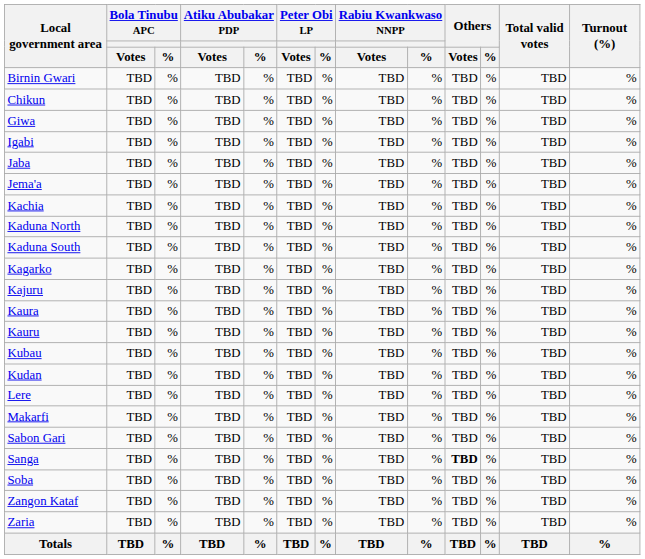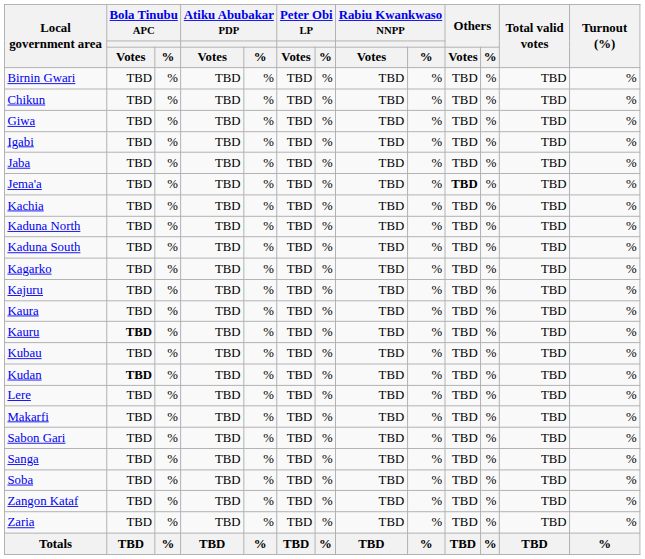 <table class="wikitable sortable" style="text-align:right; font-size:90%">
 <tr>
 <th rowspan="3" style="max-width:7.5em;">Local government area</th>
 <th colspan="2"><a href='#'>Bola Tinubu</a><br><small>APC</small></th>
 <th colspan="2"><a href='#'>Atiku Abubakar</a><br><small>PDP</small></th>
 <th colspan="2"><a href='#'>Peter Obi</a><br><small>LP</small></th>
 <th colspan="2"><a href='#'>Rabiu Kwankwaso</a><br><small>NNPP</small></th>
 <th colspan="2" rowspan="2">Others</th>
 <th rowspan="3" style="max-width:5em;">Total valid votes</th>
 <th rowspan="3" style="max-width:5em;">Turnout (%)</th>
 </tr>
 <tr>
 <th colspan=2 style="background-color:"></th>
 <th colspan=2 style="background-color:"></th>
 <th colspan=2 style="background-color:"></th>
 <th colspan=2 style="background-color:"></th>
 </tr>
 <tr>
 <th>Votes</th>
 <th>%</th>
 <th>Votes</th>
 <th>%</th>
 <th>Votes</th>
 <th>%</th>
 <th>Votes</th>
 <th>%</th>
 <th>Votes</th>
 <th>%</th>
 </tr>
 <tr style="background-color:#">
 <td style="text-align:left;"><a href='#'>Birnin Gwari</a></td>
 <td>TBD</td>
 <td>%</td>
 <td>TBD</td>
 <td>%</td>
 <td>TBD</td>
 <td>%</td>
 <td>TBD</td>
 <td>%</td>
 <td>TBD</td>
 <td>%</td>
 <td>TBD</td>
 <td>%</td>
 </tr>
 <tr style="background-color:#">
 <td style="text-align:left;"><a href='#'>Chikun</a></td>
 <td>TBD</td>
 <td>%</td>
 <td>TBD</td>
 <td>%</td>
 <td>TBD</td>
 <td>%</td>
 <td>TBD</td>
 <td>%</td>
 <td>TBD</td>
 <td>%</td>
 <td>TBD</td>
 <td>%</td>
 </tr>
 <tr style="background-color:#">
 <td style="text-align:left;"><a href='#'>Giwa</a></td>
 <td>TBD</td>
 <td>%</td>
 <td>TBD</td>
 <td>%</td>
 <td>TBD</td>
 <td>%</td>
 <td>TBD</td>
 <td>%</td>
 <td>TBD</td>
 <td>%</td>
 <td>TBD</td>
 <td>%</td>
 </tr>
 <tr style="background-color:#">
 <td style="text-align:left;"><a href='#'>Igabi</a></td>
 <td>TBD</td>
 <td>%</td>
 <td>TBD</td>
 <td>%</td>
 <td>TBD</td>
 <td>%</td>
 <td>TBD</td>
 <td>%</td>
 <td>TBD</td>
 <td>%</td>
 <td>TBD</td>
 <td>%</td>
 </tr>
 <tr style="background-color:#">
 <td style="text-align:left;"><a href='#'>Jaba</a></td>
 <td>TBD</td>
 <td>%</td>
 <td>TBD</td>
 <td>%</td>
 <td>TBD</td>
 <td>%</td>
 <td>TBD</td>
 <td>%</td>
 <td>TBD</td>
 <td>%</td>
 <td>TBD</td>
 <td>%</td>
 </tr>
 <tr style="background-color:#">
 <td style="text-align:left;"><a href='#'>Jema'a</a></td>
 <td>TBD</td>
 <td>%</td>
 <td>TBD</td>
 <td>%</td>
 <td>TBD</td>
 <td>%</td>
 <td>TBD</td>
 <td>%</td>
-<td>TBD</td>
+<td><strong>TBD</strong></td>
 <td>%</td>
 <td>TBD</td>
 <td>%</td>
 </tr>
 <tr style="background-color:#">
 <td style="text-align:left;"><a href='#'>Kachia</a></td>
 <td>TBD</td>
 <td>%</td>
 <td>TBD</td>
 <td>%</td>
 <td>TBD</td>
 <td>%</td>
 <td>TBD</td>
 <td>%</td>
 <td>TBD</td>
 <td>%</td>
 <td>TBD</td>
 <td>%</td>
 </tr>
 <tr style="background-color:#">
 <td style="text-align:left;"><a href='#'>Kaduna North</a></td>
 <td>TBD</td>
 <td>%</td>
 <td>TBD</td>
 <td>%</td>
 <td>TBD</td>
 <td>%</td>
 <td>TBD</td>
 <td>%</td>
 <td>TBD</td>
 <td>%</td>
 <td>TBD</td>
 <td>%</td>
 </tr>
 <tr style="background-color:#">
 <td style="text-align:left;"><a href='#'>Kaduna South</a></td>
 <td>TBD</td>
 <td>%</td>
 <td>TBD</td>
 <td>%</td>
 <td>TBD</td>
 <td>%</td>
 <td>TBD</td>
 <td>%</td>
 <td>TBD</td>
 <td>%</td>
 <td>TBD</td>
 <td>%</td>
 </tr>
 <tr style="background-color:#">
 <td style="text-align:left;"><a href='#'>Kagarko</a></td>
 <td>TBD</td>
 <td>%</td>
 <td>TBD</td>
 <td>%</td>
 <td>TBD</td>
 <td>%</td>
 <td>TBD</td>
 <td>%</td>
 <td>TBD</td>
 <td>%</td>
 <td>TBD</td>
 <td>%</td>
 </tr>
 <tr style="background-color:#">
 <td style="text-align:left;"><a href='#'>Kajuru</a></td>
 <td>TBD</td>
 <td>%</td>
 <td>TBD</td>
 <td>%</td>
 <td>TBD</td>
 <td>%</td>
 <td>TBD</td>
 <td>%</td>
 <td>TBD</td>
 <td>%</td>
 <td>TBD</td>
 <td>%</td>
 </tr>
 <tr style="background-color:#">
 <td style="text-align:left;"><a href='#'>Kaura</a></td>
 <td>TBD</td>
 <td>%</td>
 <td>TBD</td>
 <td>%</td>
 <td>TBD</td>
 <td>%</td>
 <td>TBD</td>
 <td>%</td>
 <td>TBD</td>
 <td>%</td>
 <td>TBD</td>
 <td>%</td>
 </tr>
 <tr style="background-color:#">
 <td style="text-align:left;"><a href='#'>Kauru</a></td>
-<td>TBD</td>
+<td><strong>TBD</strong></td>
 <td>%</td>
 <td>TBD</td>
 <td>%</td>
 <td>TBD</td>
 <td>%</td>
 <td>TBD</td>
 <td>%</td>
 <td>TBD</td>
 <td>%</td>
 <td>TBD</td>
 <td>%</td>
 </tr>
 <tr style="background-color:#">
 <td style="text-align:left;"><a href='#'>Kubau</a></td>
 <td>TBD</td>
 <td>%</td>
 <td>TBD</td>
 <td>%</td>
 <td>TBD</td>
 <td>%</td>
 <td>TBD</td>
 <td>%</td>
 <td>TBD</td>
 <td>%</td>
 <td>TBD</td>
 <td>%</td>
 </tr>
 <tr style="background-color:#">
 <td style="text-align:left;"><a href='#'>Kudan</a></td>
-<td>TBD</td>
+<td><strong>TBD</strong></td>
 <td>%</td>
 <td>TBD</td>
 <td>%</td>
 <td>TBD</td>
 <td>%</td>
 <td>TBD</td>
 <td>%</td>
 <td>TBD</td>
 <td>%</td>
 <td>TBD</td>
 <td>%</td>
 </tr>
 <tr style="background-color:#">
 <td style="text-align:left;"><a href='#'>Lere</a></td>
 <td>TBD</td>
 <td>%</td>
 <td>TBD</td>
 <td>%</td>
 <td>TBD</td>
 <td>%</td>
 <td>TBD</td>
 <td>%</td>
 <td>TBD</td>
 <td>%</td>
 <td>TBD</td>
 <td>%</td>
 </tr>
 <tr style="background-color:#">
 <td style="text-align:left;"><a href='#'>Makarfi</a></td>
 <td>TBD</td>
 <td>%</td>
 <td>TBD</td>
 <td>%</td>
 <td>TBD</td>
 <td>%</td>
 <td>TBD</td>
 <td>%</td>
 <td>TBD</td>
 <td>%</td>
 <td>TBD</td>
 <td>%</td>
 </tr>
 <tr style="background-color:#">
 <td style="text-align:left;"><a href='#'>Sabon Gari</a></td>
 <td>TBD</td>
 <td>%</td>
 <td>TBD</td>
 <td>%</td>
 <td>TBD</td>
 <td>%</td>
 <td>TBD</td>
 <td>%</td>
 <td>TBD</td>
 <td>%</td>
 <td>TBD</td>
 <td>%</td>
 </tr>
 <tr style="background-color:#">
 <td style="text-align:left;"><a href='#'>Sanga</a></td>
 <td>TBD</td>
 <td>%</td>
 <td>TBD</td>
 <td>%</td>
 <td>TBD</td>
 <td>%</td>
 <td>TBD</td>
 <td>%</td>
-<td><strong>TBD</strong></td>
+<td>TBD</td>
 <td>%</td>
 <td>TBD</td>
 <td>%</td>
 </tr>
 <tr style="background-color:#">
 <td style="text-align:left;"><a href='#'>Soba</a></td>
 <td>TBD</td>
 <td>%</td>
 <td>TBD</td>
 <td>%</td>
 <td>TBD</td>
 <td>%</td>
 <td>TBD</td>
 <td>%</td>
 <td>TBD</td>
 <td>%</td>
 <td>TBD</td>
 <td>%</td>
 </tr>
 <tr style="background-color:#">
 <td style="text-align:left;"><a href='#'>Zangon Kataf</a></td>
 <td>TBD</td>
 <td>%</td>
 <td>TBD</td>
 <td>%</td>
 <td>TBD</td>
 <td>%</td>
 <td>TBD</td>
 <td>%</td>
 <td>TBD</td>
 <td>%</td>
 <td>TBD</td>
 <td>%</td>
 </tr>
 <tr style="background-color:#">
 <td style="text-align:left;"><a href='#'>Zaria</a></td>
 <td>TBD</td>
 <td>%</td>
 <td>TBD</td>
 <td>%</td>
 <td>TBD</td>
 <td>%</td>
 <td>TBD</td>
 <td>%</td>
 <td>TBD</td>
 <td>%</td>
 <td>TBD</td>
 <td>%</td>
 </tr>
 <tr>
 <th>Totals</th>
 <th>TBD</th>
 <th>%</th>
 <th>TBD</th>
 <th>%</th>
 <th>TBD</th>
 <th>%</th>
 <th>TBD</th>
 <th>%</th>
 <th>TBD</th>
 <th>%</th>
 <th>TBD</th>
 <th>%</th>
 </tr>
 </table>
